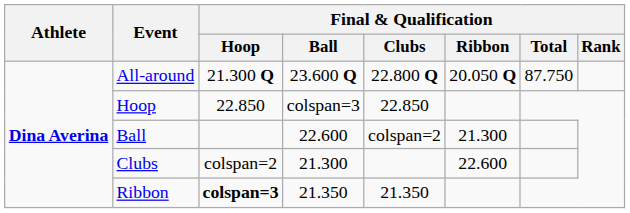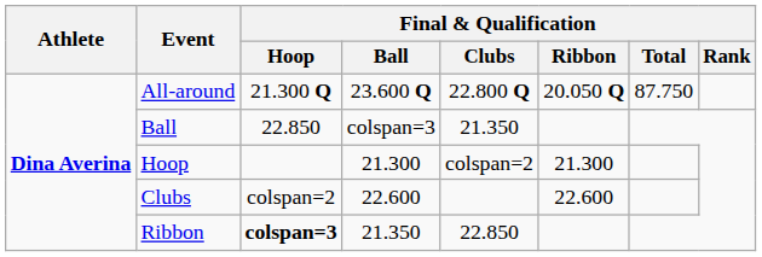 <table class="wikitable" style="text-align:center; font-size:90%">
 <tr>
 <th rowspan=2>Athlete</th>
 <th rowspan=2>Event</th>
 <th colspan=6>Final & Qualification</th>
 </tr>
 <tr style="font-size:95%">
 <th>Hoop</th>
 <th>Ball</th>
 <th>Clubs</th>
 <th>Ribbon</th>
 <th>Total</th>
 <th>Rank</th>
 </tr>
 <tr>
 <td rowspan=5 align=left><strong><a href='#'>Dina Averina</a></strong></td>
 <td align=left><a href='#'>All-around</a></td>
 <td>21.300 <strong>Q</strong></td>
 <td>23.600 <strong>Q</strong></td>
 <td>22.800 <strong>Q</strong></td>
 <td>20.050 <strong>Q</strong></td>
 <td>87.750</td>
 <td></td>
 </tr>
 <tr>
-<td align=left><a href='#'>Hoop</a></td>
+<td align=left><a href='#'>Ball</a></td>
 <td>22.850</td>
 <td>colspan=3 </td>
-<td>22.850</td>
+<td>21.350</td>
 <td></td>
 </tr>
 <tr>
-<td align=left><a href='#'>Ball</a></td>
+<td align=left><a href='#'>Hoop</a></td>
 <td></td>
-<td>22.600</td>
+<td>21.300</td>
 <td>colspan=2 </td>
 <td>21.300</td>
 <td></td>
 </tr>
 <tr>
 <td align=left><a href='#'>Clubs</a></td>
 <td>colspan=2 </td>
-<td>21.300</td>
+<td>22.600</td>
 <td></td>
 <td>22.600</td>
 <td></td>
 </tr>
 <tr>
 <td align=left><a href='#'>Ribbon</a></td>
 <td><strong>colspan=3 </strong></td>
 <td>21.350</td>
-<td>21.350</td>
+<td>22.850</td>
 <td></td>
 </tr>
 </table>
